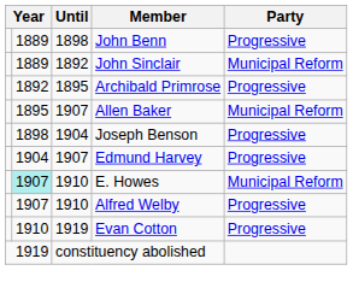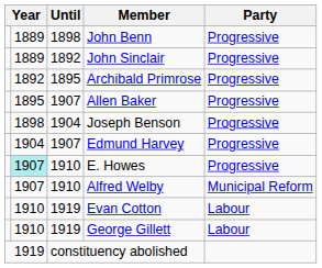 <table class="wikitable">
 <tr>
 <th colspan="2">Year</th>
 <th>Until</th>
 <th>Member</th>
 <th>Party</th>
 </tr>
 <tr>
 <td style="color:inherit;background-color: "></td>
 <td>1889</td>
 <td>1898</td>
 <td><a href='#'>John Benn</a></td>
 <td><a href='#'>Progressive</a></td>
 </tr>
 <tr>
 <td style="color:inherit;background-color: "></td>
 <td>1889</td>
 <td>1892</td>
 <td><a href='#'>John Sinclair</a></td>
-<td><a href='#'>Municipal Reform</a></td>
+<td><a href='#'>Progressive</a></td>
 </tr>
 <tr>
 <td style="color:inherit;background-color: "></td>
 <td>1892</td>
 <td>1895</td>
 <td><a href='#'>Archibald Primrose</a></td>
 <td><a href='#'>Progressive</a></td>
 </tr>
 <tr>
 <td style="color:inherit;background-color: "></td>
 <td>1895</td>
 <td>1907</td>
 <td><a href='#'>Allen Baker</a></td>
-<td><a href='#'>Municipal Reform</a></td>
+<td><a href='#'>Progressive</a></td>
 </tr>
 <tr>
 <td style="color:inherit;background-color: "></td>
 <td>1898</td>
 <td>1904</td>
 <td>Joseph Benson</td>
 <td><a href='#'>Progressive</a></td>
 </tr>
 <tr>
 <td style="color:inherit;background-color: "></td>
 <td>1904</td>
 <td>1907</td>
 <td><a href='#'>Edmund Harvey</a></td>
 <td><a href='#'>Progressive</a></td>
 </tr>
 <tr>
 <td style="color:inherit;background-color: "></td>
 <td style="background: paleturquoise;">1907</td>
 <td>1910</td>
 <td>E. Howes</td>
-<td><a href='#'>Municipal Reform</a></td>
+<td><a href='#'>Progressive</a></td>
 </tr>
 <tr>
 <td style="color:inherit;background-color: "></td>
 <td>1907</td>
 <td>1910</td>
 <td><a href='#'>Alfred Welby</a></td>
-<td><a href='#'>Progressive</a></td>
+<td><a href='#'>Municipal Reform</a></td>
 </tr>
 <tr>
 <td style="color:inherit;background-color: "></td>
 <td>1910</td>
 <td>1919</td>
 <td><a href='#'>Evan Cotton</a></td>
-<td><a href='#'>Progressive</a></td>
+<td><a href='#'>Labour</a></td>
+</tr>
+<tr>
+<td style="color:inherit;background-color: "></td>
+<td>1910</td>
+<td>1919</td>
+<td><a href='#'>George Gillett</a></td>
+<td><a href='#'>Labour</a></td>
 </tr>
 <tr>
 <td colspan="2" align="right">1919</td>
 <td colspan="2">constituency abolished</td>
 </tr>
 </table>
